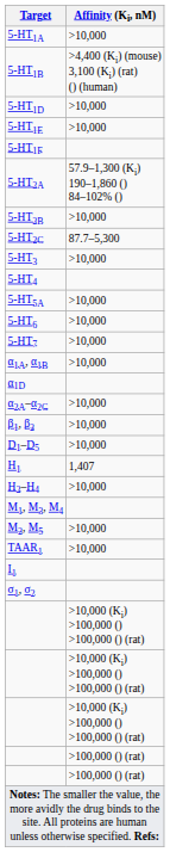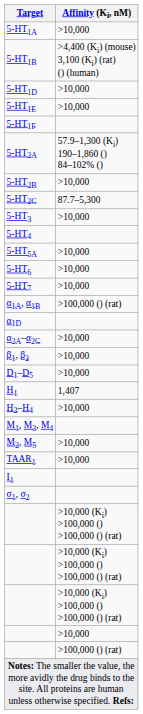 <table class="wikitable floatleft" style="font-size:small;">
 <tr>
 <th><a href='#'>Target</a></th>
 <th><a href='#'>Affinity</a> (K<sub>i</sub>, nM)</th>
 </tr>
 <tr>
 <td><a href='#'>5-HT<sub>1A</sub></a></td>
 <td>>10,000</td>
 </tr>
 <tr>
 <td><a href='#'>5-HT<sub>1B</sub></a></td>
 <td>>4,400 (K<sub>i</sub>) (mouse)<br>3,100 (K<sub>i</sub>) (rat)<br> () (human)</td>
 </tr>
 <tr>
 <td><a href='#'>5-HT<sub>1D</sub></a></td>
 <td>>10,000</td>
 </tr>
 <tr>
 <td><a href='#'>5-HT<sub>1E</sub></a></td>
 <td>>10,000</td>
 </tr>
 <tr>
 <td><a href='#'>5-HT<sub>1F</sub></a></td>
 <td></td>
 </tr>
 <tr>
 <td><a href='#'>5-HT<sub>2A</sub></a></td>
 <td>57.9–1,300 (K<sub>i</sub>)<br>190–1,860 ()<br>84–102% ()</td>
 </tr>
 <tr>
 <td><a href='#'>5-HT<sub>2B</sub></a></td>
 <td>>10,000</td>
 </tr>
 <tr>
 <td><a href='#'>5-HT<sub>2C</sub></a></td>
 <td>87.7–5,300</td>
 </tr>
 <tr>
 <td><a href='#'>5-HT<sub>3</sub></a></td>
 <td>>10,000</td>
 </tr>
 <tr>
 <td><a href='#'>5-HT<sub>4</sub></a></td>
 <td></td>
 </tr>
 <tr>
 <td><a href='#'>5-HT<sub>5A</sub></a></td>
 <td>>10,000</td>
 </tr>
 <tr>
 <td><a href='#'>5-HT<sub>6</sub></a></td>
 <td>>10,000</td>
 </tr>
 <tr>
 <td><a href='#'>5-HT<sub>7</sub></a></td>
 <td>>10,000</td>
 </tr>
 <tr>
 <td><a href='#'>α<sub>1A</sub></a>, <a href='#'>α<sub>1B</sub></a></td>
-<td>>10,000</td>
+<td>>100,000 () (rat)</td>
 </tr>
 <tr>
 <td><a href='#'>α<sub>1D</sub></a></td>
 <td></td>
 </tr>
 <tr>
 <td><a href='#'>α<sub>2A</sub></a>–<a href='#'>α<sub>2C</sub></a></td>
 <td>>10,000</td>
 </tr>
 <tr>
 <td><a href='#'>β<sub>1</sub></a>, <a href='#'>β<sub>2</sub></a></td>
 <td>>10,000</td>
 </tr>
 <tr>
 <td><a href='#'>D<sub>1</sub></a>–<a href='#'>D<sub>5</sub></a></td>
 <td>>10,000</td>
 </tr>
 <tr>
 <td><a href='#'>H<sub>1</sub></a></td>
 <td>1,407</td>
 </tr>
 <tr>
 <td><a href='#'>H<sub>2</sub></a>–<a href='#'>H<sub>4</sub></a></td>
 <td>>10,000</td>
 </tr>
 <tr>
 <td><a href='#'>M<sub>1</sub></a>, <a href='#'>M<sub>3</sub></a>, <a href='#'>M<sub>4</sub></a></td>
 <td></td>
 </tr>
 <tr>
 <td><a href='#'>M<sub>2</sub></a>, <a href='#'>M<sub>5</sub></a></td>
 <td>>10,000</td>
 </tr>
 <tr>
 <td><a href='#'>TAAR<sub>1</sub></a></td>
 <td>>10,000</td>
 </tr>
 <tr>
 <td><a href='#'>I<sub>1</sub></a></td>
 <td></td>
 </tr>
 <tr>
 <td><a href='#'>σ<sub>1</sub></a>, <a href='#'>σ<sub>2</sub></a></td>
 <td></td>
 </tr>
 <tr>
 <td></td>
 <td>>10,000 (K<sub>i</sub>)<br>>100,000 ()<br>>100,000 () (rat)</td>
 </tr>
 <tr>
 <td></td>
 <td>>10,000 (K<sub>i</sub>)<br>>100,000 ()<br>>100,000 () (rat)</td>
 </tr>
 <tr>
 <td></td>
 <td>>10,000 (K<sub>i</sub>)<br>>100,000 ()<br>>100,000 () (rat)</td>
 </tr>
 <tr>
 <td></td>
-<td>>100,000 () (rat)</td>
+<td>>10,000</td>
 </tr>
 <tr>
 <td></td>
 <td>>100,000 () (rat)</td>
 </tr>
 <tr class="sortbottom">
 <td colspan="2" style="width: 1px; background-color:#eaecf0; text-align: center;"><strong>Notes:</strong> The smaller the value, the more avidly the drug binds to the site. All proteins are human unless otherwise specified. <strong>Refs:</strong> </td>
 </tr>
 </table>
